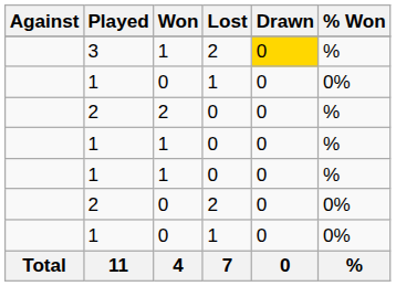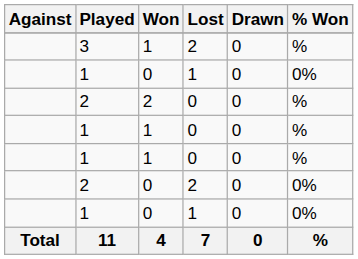 <table class="sortable wikitable" style="font-size: 87%;">
 <tr>
 <th>Against</th>
 <th>Played</th>
 <th>Won</th>
 <th>Lost</th>
 <th>Drawn</th>
 <th>% Won</th>
 </tr>
 <tr bgcolor="#d0ffd0" align="center">
 </tr>
 <tr>
 <td align="left"></td>
 <td>3</td>
 <td>1</td>
 <td>2</td>
-<td style="background: gold;">0</td>
+<td>0</td>
 <td>%</td>
 </tr>
 <tr>
 <td align="left"></td>
 <td>1</td>
 <td>0</td>
 <td>1</td>
 <td>0</td>
 <td>0%</td>
 </tr>
 <tr>
 <td align="left"></td>
 <td>2</td>
 <td>2</td>
 <td>0</td>
 <td>0</td>
 <td>%</td>
 </tr>
 <tr>
 <td align="left"></td>
 <td>1</td>
 <td>1</td>
 <td>0</td>
 <td>0</td>
 <td>%</td>
 </tr>
 <tr>
 <td align="left"></td>
 <td>1</td>
 <td>1</td>
 <td>0</td>
 <td>0</td>
 <td>%</td>
 </tr>
 <tr>
 <td align="left"></td>
 <td>2</td>
 <td>0</td>
 <td>2</td>
 <td>0</td>
 <td>0%</td>
 </tr>
 <tr>
 <td align="left"></td>
 <td>1</td>
 <td>0</td>
 <td>1</td>
 <td>0</td>
 <td>0%</td>
 </tr>
 <tr>
 <th>Total</th>
 <th><strong>11</strong></th>
 <th><strong>4</strong></th>
 <th><strong>7</strong></th>
 <th><strong>0</strong></th>
 <th><strong>%</strong></th>
 </tr>
 </table>
